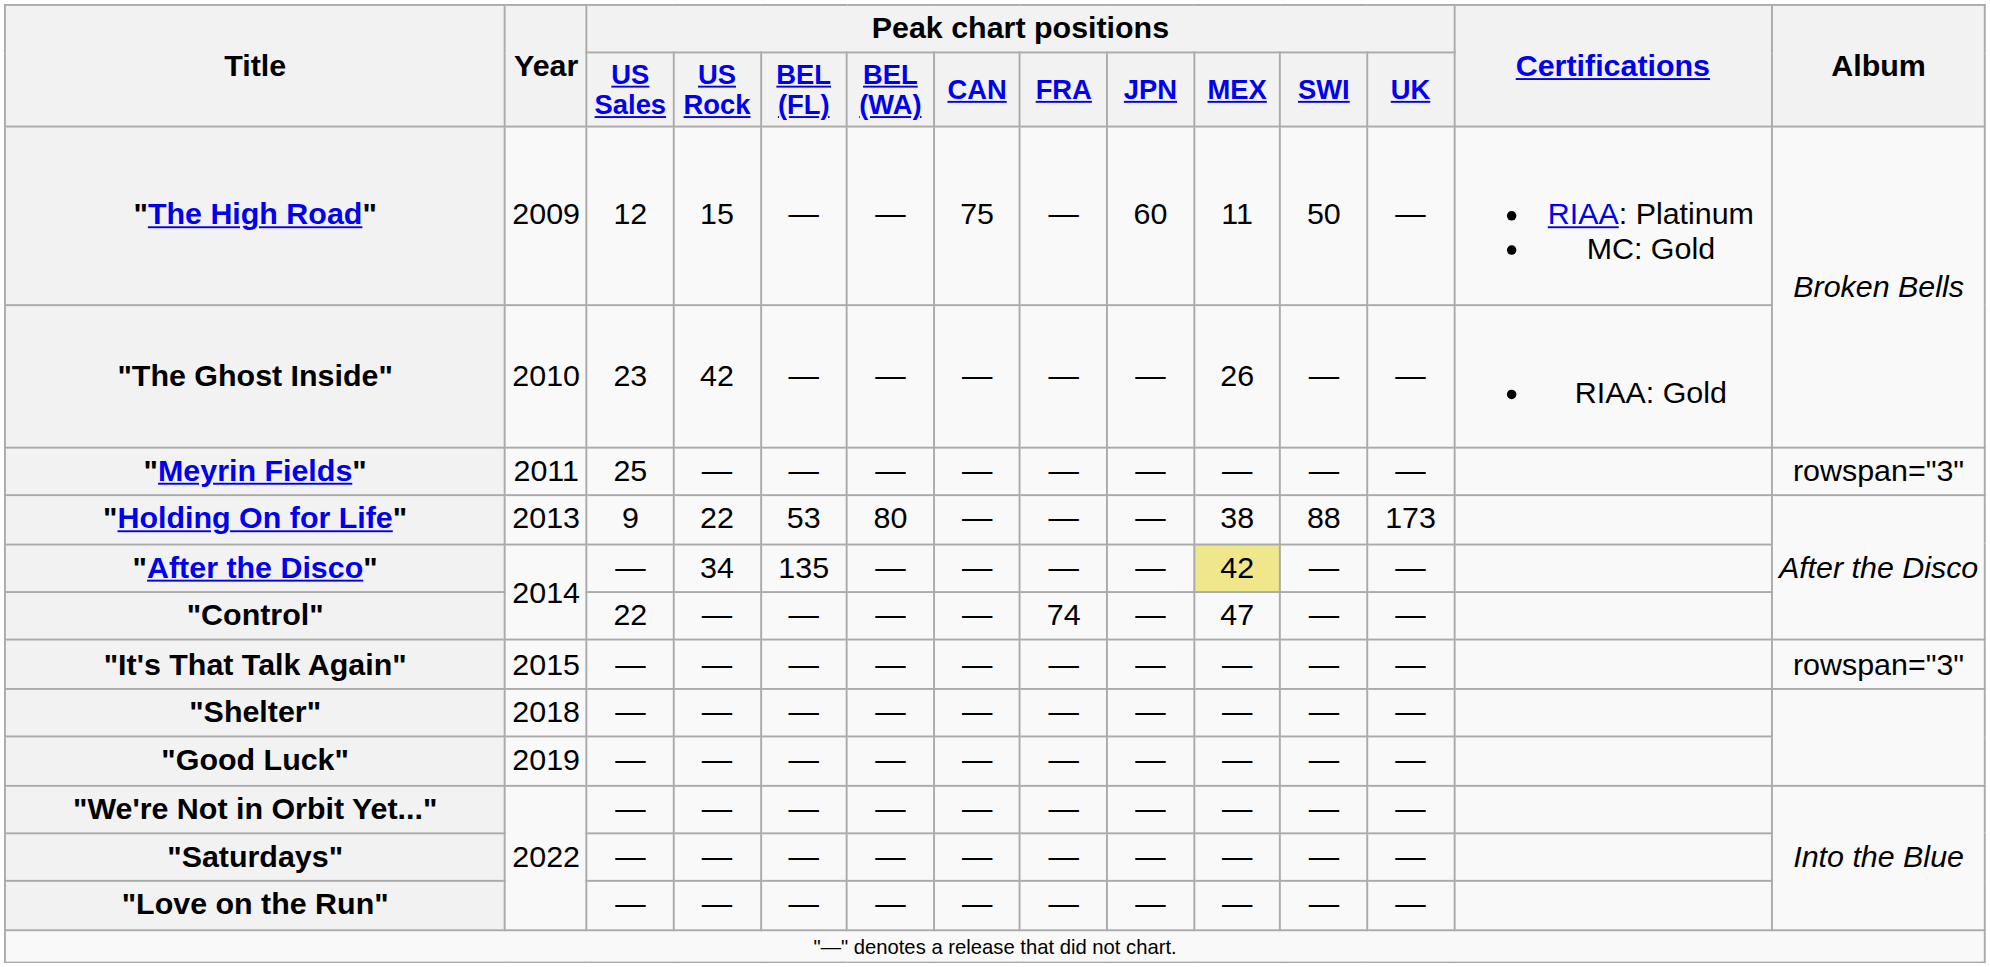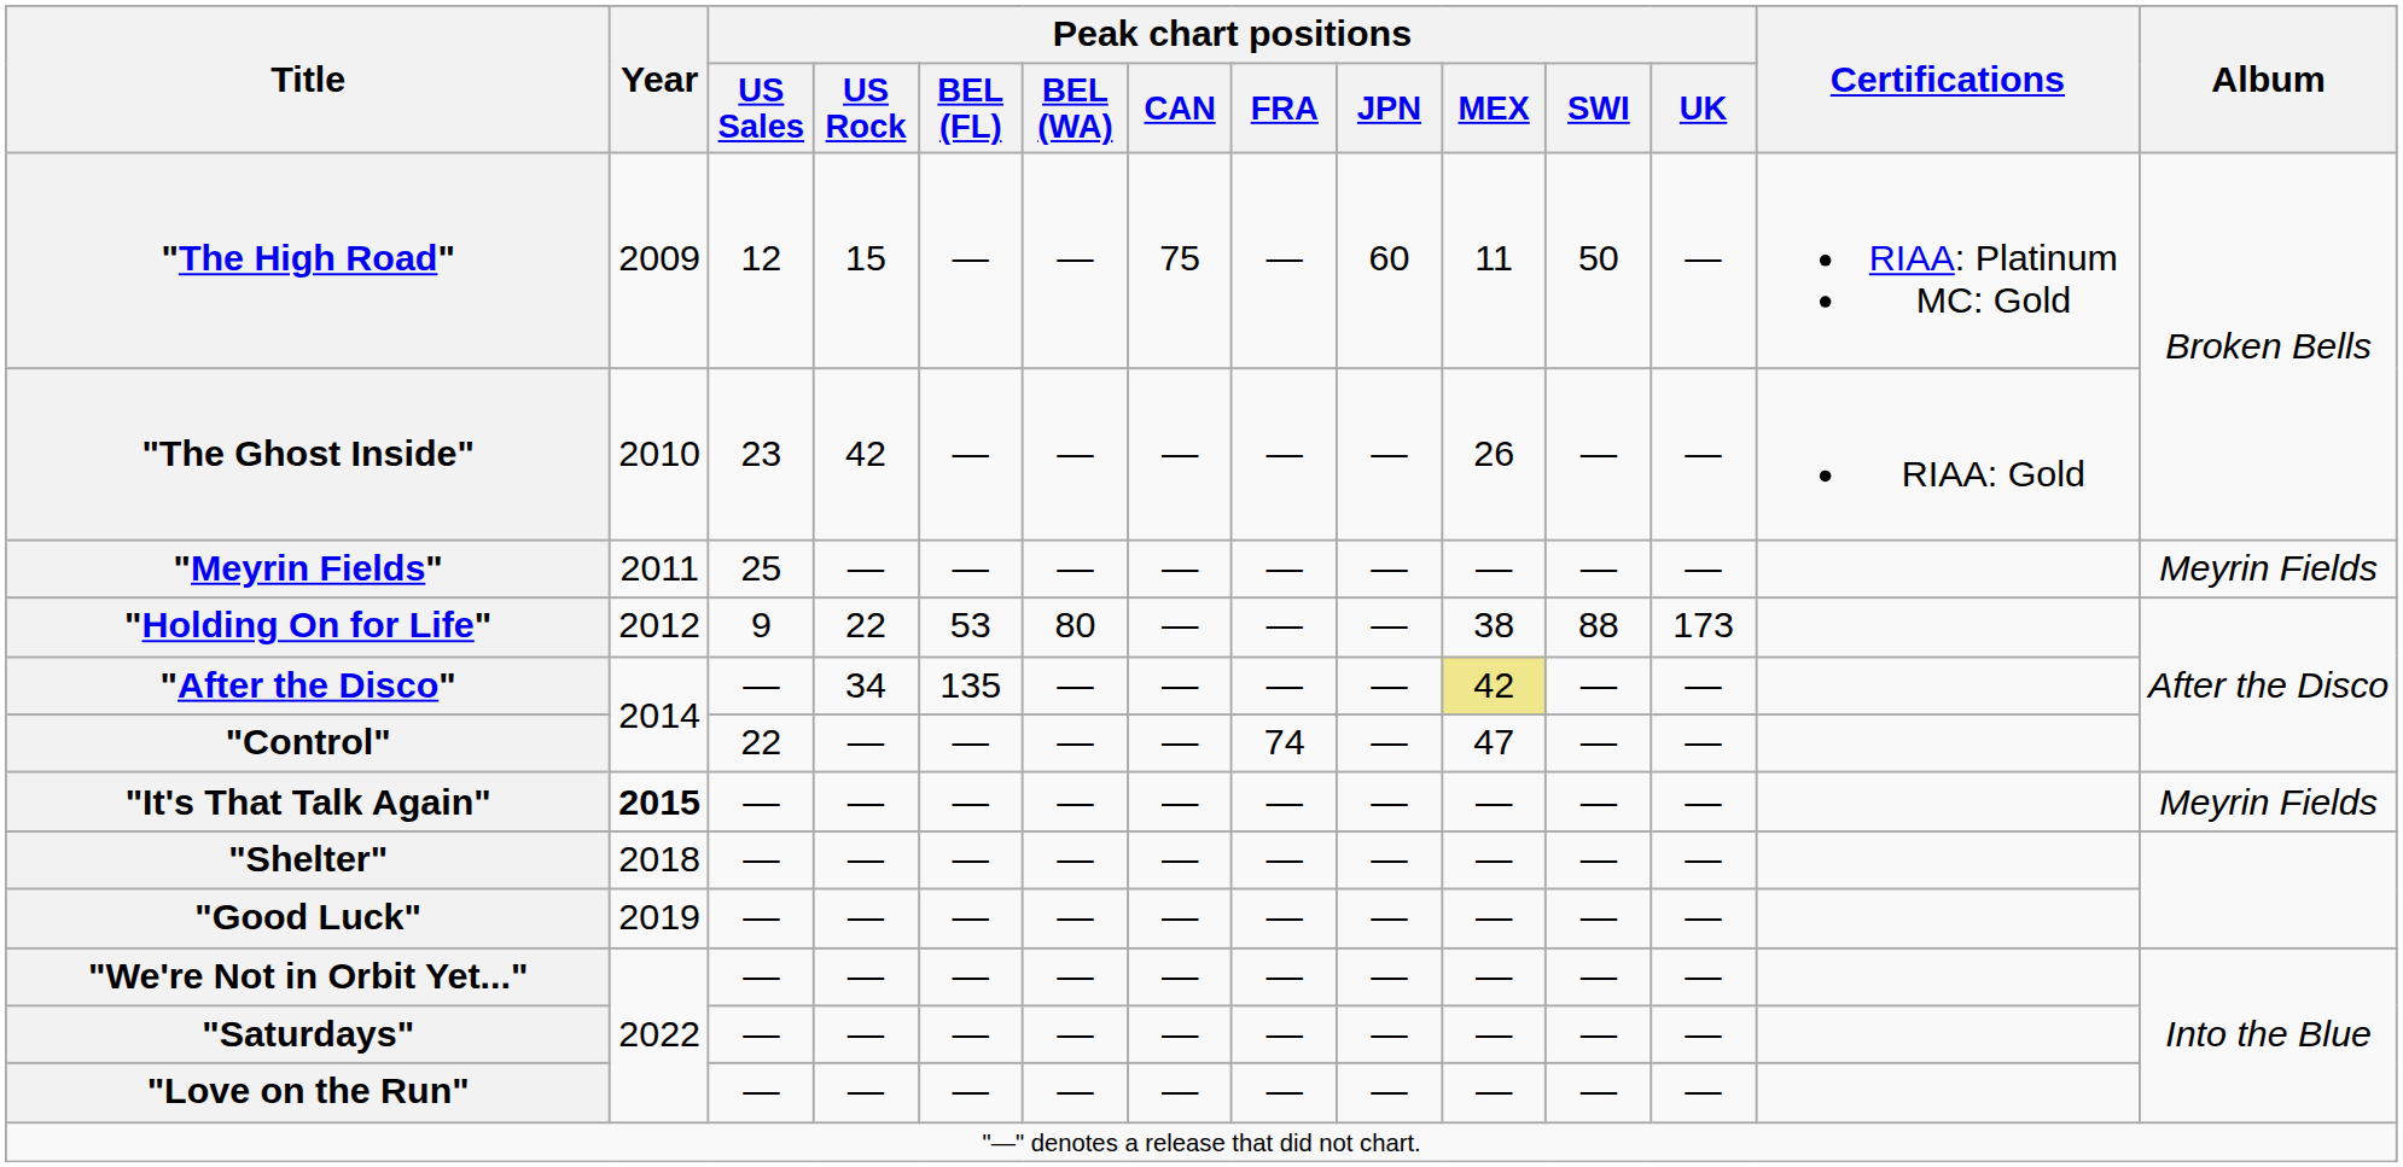 <table class="wikitable plainrowheaders" style="text-align:center;" border="1">
 <tr>
 <th scope="col" rowspan="2" style="width:16em;">Title</th>
 <th scope="col" rowspan="2">Year</th>
 <th scope="col" colspan="10">Peak chart positions</th>
 <th scope="col" rowspan="2" style="width:10em;"><a href='#'>Certifications</a></th>
 <th scope="col" rowspan="2">Album</th>
 </tr>
 <tr>
 <th scope="col" style="width:2.7em;font-size:90%;"><a href='#'>US<br>Sales</a><br></th>
 <th scope="col" style="width:2.7em;font-size:90%;"><a href='#'>US<br>Rock</a><br></th>
 <th scope="col" style="width:2.7em;font-size:90%;"><a href='#'>BEL<br>(FL)</a><br></th>
 <th scope="col" style="width:2.7em;font-size:90%;"><a href='#'>BEL<br>(WA)</a><br></th>
 <th scope="col" style="width:2.7em;font-size:90%;"><a href='#'>CAN</a><br></th>
 <th scope="col" style="width:2.7em;font-size:90%;"><a href='#'>FRA</a><br></th>
 <th scope="col" style="width:2.7em;font-size:90%;"><a href='#'>JPN</a><br></th>
 <th scope="col" style="width:2.7em;font-size:90%;"><a href='#'>MEX</a><br></th>
 <th scope="col" style="width:2.7em;font-size:90%;"><a href='#'>SWI</a><br></th>
 <th scope="col" style="width:2.7em;font-size:90%;"><a href='#'>UK</a><br></th>
 </tr>
 <tr>
 <th scope="row">"<a href='#'>The High Road</a>"</th>
 <td>2009</td>
 <td>12</td>
 <td>15</td>
 <td>—</td>
 <td>—</td>
 <td>75</td>
 <td>—</td>
 <td>60</td>
 <td>11</td>
 <td>50</td>
 <td>—</td>
 <td><br><ul><li><a href='#'>RIAA</a>: Platinum</li><li>MC: Gold</li></ul></td>
 <td rowspan="2"><em>Broken Bells</em></td>
 </tr>
 <tr>
 <th scope="row">"The Ghost Inside"</th>
 <td>2010</td>
 <td>23</td>
 <td>42</td>
 <td>—</td>
 <td>—</td>
 <td>—</td>
 <td>—</td>
 <td>—</td>
 <td>26</td>
 <td>—</td>
 <td>—</td>
 <td><br><ul><li>RIAA: Gold</li></ul></td>
 </tr>
 <tr>
 <th scope="row">"<a href='#'>Meyrin Fields</a>"</th>
 <td>2011</td>
 <td>25</td>
 <td>—</td>
 <td>—</td>
 <td>—</td>
 <td>—</td>
 <td>—</td>
 <td>—</td>
 <td>—</td>
 <td>—</td>
 <td>—</td>
 <td></td>
-<td>rowspan="3" </td>
+<td><em>Meyrin Fields</em></td>
 </tr>
 <tr>
 <th scope="row">"<a href='#'>Holding On for Life</a>"</th>
-<td>2013</td>
+<td>2012</td>
 <td>9</td>
 <td>22</td>
 <td>53</td>
 <td>80</td>
 <td>—</td>
 <td>—</td>
 <td>—</td>
 <td>38</td>
 <td>88</td>
 <td>173</td>
 <td></td>
 <td rowspan="3"><em>After the Disco</em></td>
 </tr>
 <tr>
 <th scope="row">"<a href='#'>After the Disco</a>"</th>
 <td rowspan="2">2014</td>
 <td>—</td>
 <td>34</td>
 <td>135</td>
 <td>—</td>
 <td>—</td>
 <td>—</td>
 <td>—</td>
 <td style="background: khaki;">42</td>
 <td>—</td>
 <td>—</td>
 <td></td>
 </tr>
 <tr>
 <th scope="row">"Control"</th>
 <td>22</td>
 <td>—</td>
 <td>—</td>
 <td>—</td>
 <td>—</td>
 <td>74</td>
 <td>—</td>
 <td>47</td>
 <td>—</td>
 <td>—</td>
 <td></td>
 </tr>
 <tr>
 <th scope="row">"It's That Talk Again"</th>
-<td>2015</td>
+<td><strong>2015</strong></td>
 <td>—</td>
 <td>—</td>
 <td>—</td>
 <td>—</td>
 <td>—</td>
 <td>—</td>
 <td>—</td>
 <td>—</td>
 <td>—</td>
 <td>—</td>
 <td></td>
-<td>rowspan="3" </td>
+<td><em>Meyrin Fields</em></td>
 </tr>
 <tr>
 <th scope="row">"Shelter"</th>
 <td>2018</td>
 <td>—</td>
 <td>—</td>
 <td>—</td>
 <td>—</td>
 <td>—</td>
 <td>—</td>
 <td>—</td>
 <td>—</td>
 <td>—</td>
 <td>—</td>
 <td></td>
 </tr>
 <tr>
 <th scope="row">"Good Luck"</th>
 <td>2019</td>
 <td>—</td>
 <td>—</td>
 <td>—</td>
 <td>—</td>
 <td>—</td>
 <td>—</td>
 <td>—</td>
 <td>—</td>
 <td>—</td>
 <td>—</td>
 <td></td>
 </tr>
 <tr>
 <th scope="row">"We're Not in Orbit Yet..."</th>
 <td rowspan="3">2022</td>
 <td>—</td>
 <td>—</td>
 <td>—</td>
 <td>—</td>
 <td>—</td>
 <td>—</td>
 <td>—</td>
 <td>—</td>
 <td>—</td>
 <td>—</td>
 <td></td>
 <td rowspan="3"><em>Into the Blue</em></td>
 </tr>
 <tr>
 <th scope="row">"Saturdays"</th>
 <td>—</td>
 <td>—</td>
 <td>—</td>
 <td>—</td>
 <td>—</td>
 <td>—</td>
 <td>—</td>
 <td>—</td>
 <td>—</td>
 <td>—</td>
 <td></td>
 </tr>
 <tr>
 <th scope="row">"Love on the Run"</th>
 <td>—</td>
 <td>—</td>
 <td>—</td>
 <td>—</td>
 <td>—</td>
 <td>—</td>
 <td>—</td>
 <td>—</td>
 <td>—</td>
 <td>—</td>
 <td></td>
 </tr>
 <tr>
 <td colspan="15" style="font-size:8pt">"—" denotes a release that did not chart.</td>
 </tr>
 </table>
